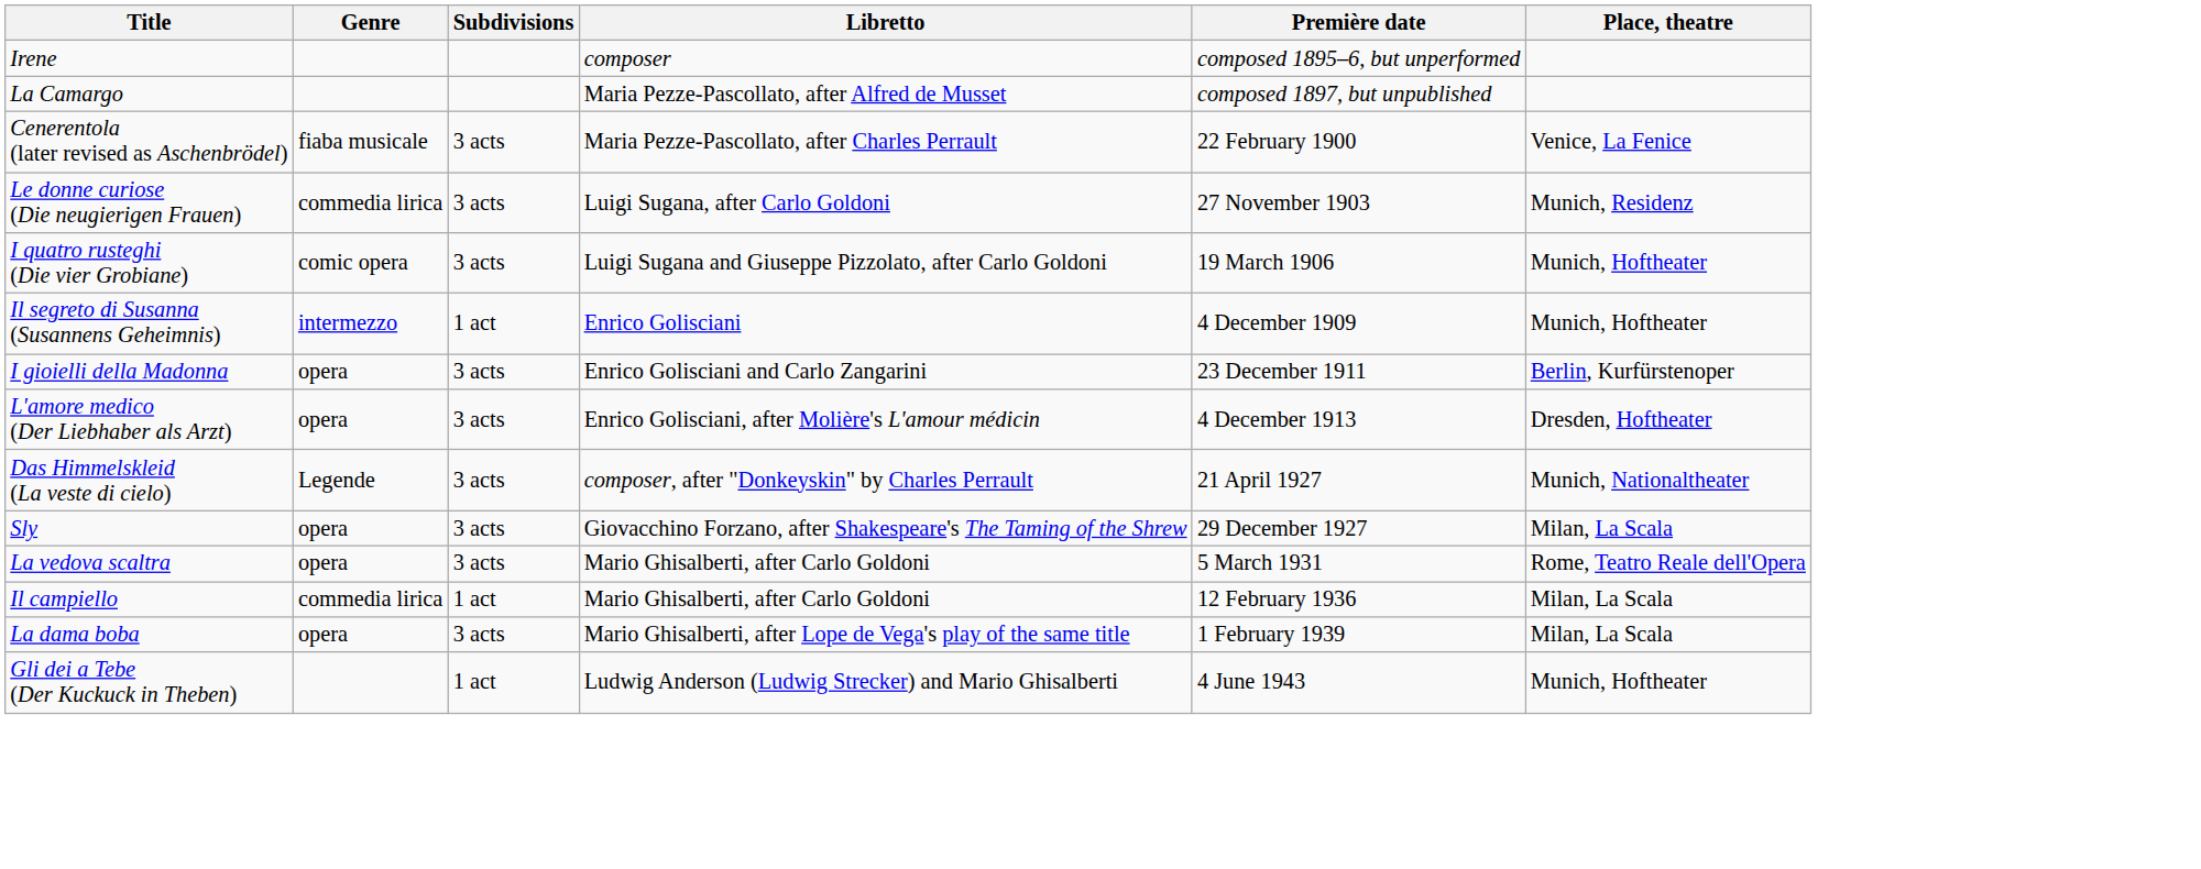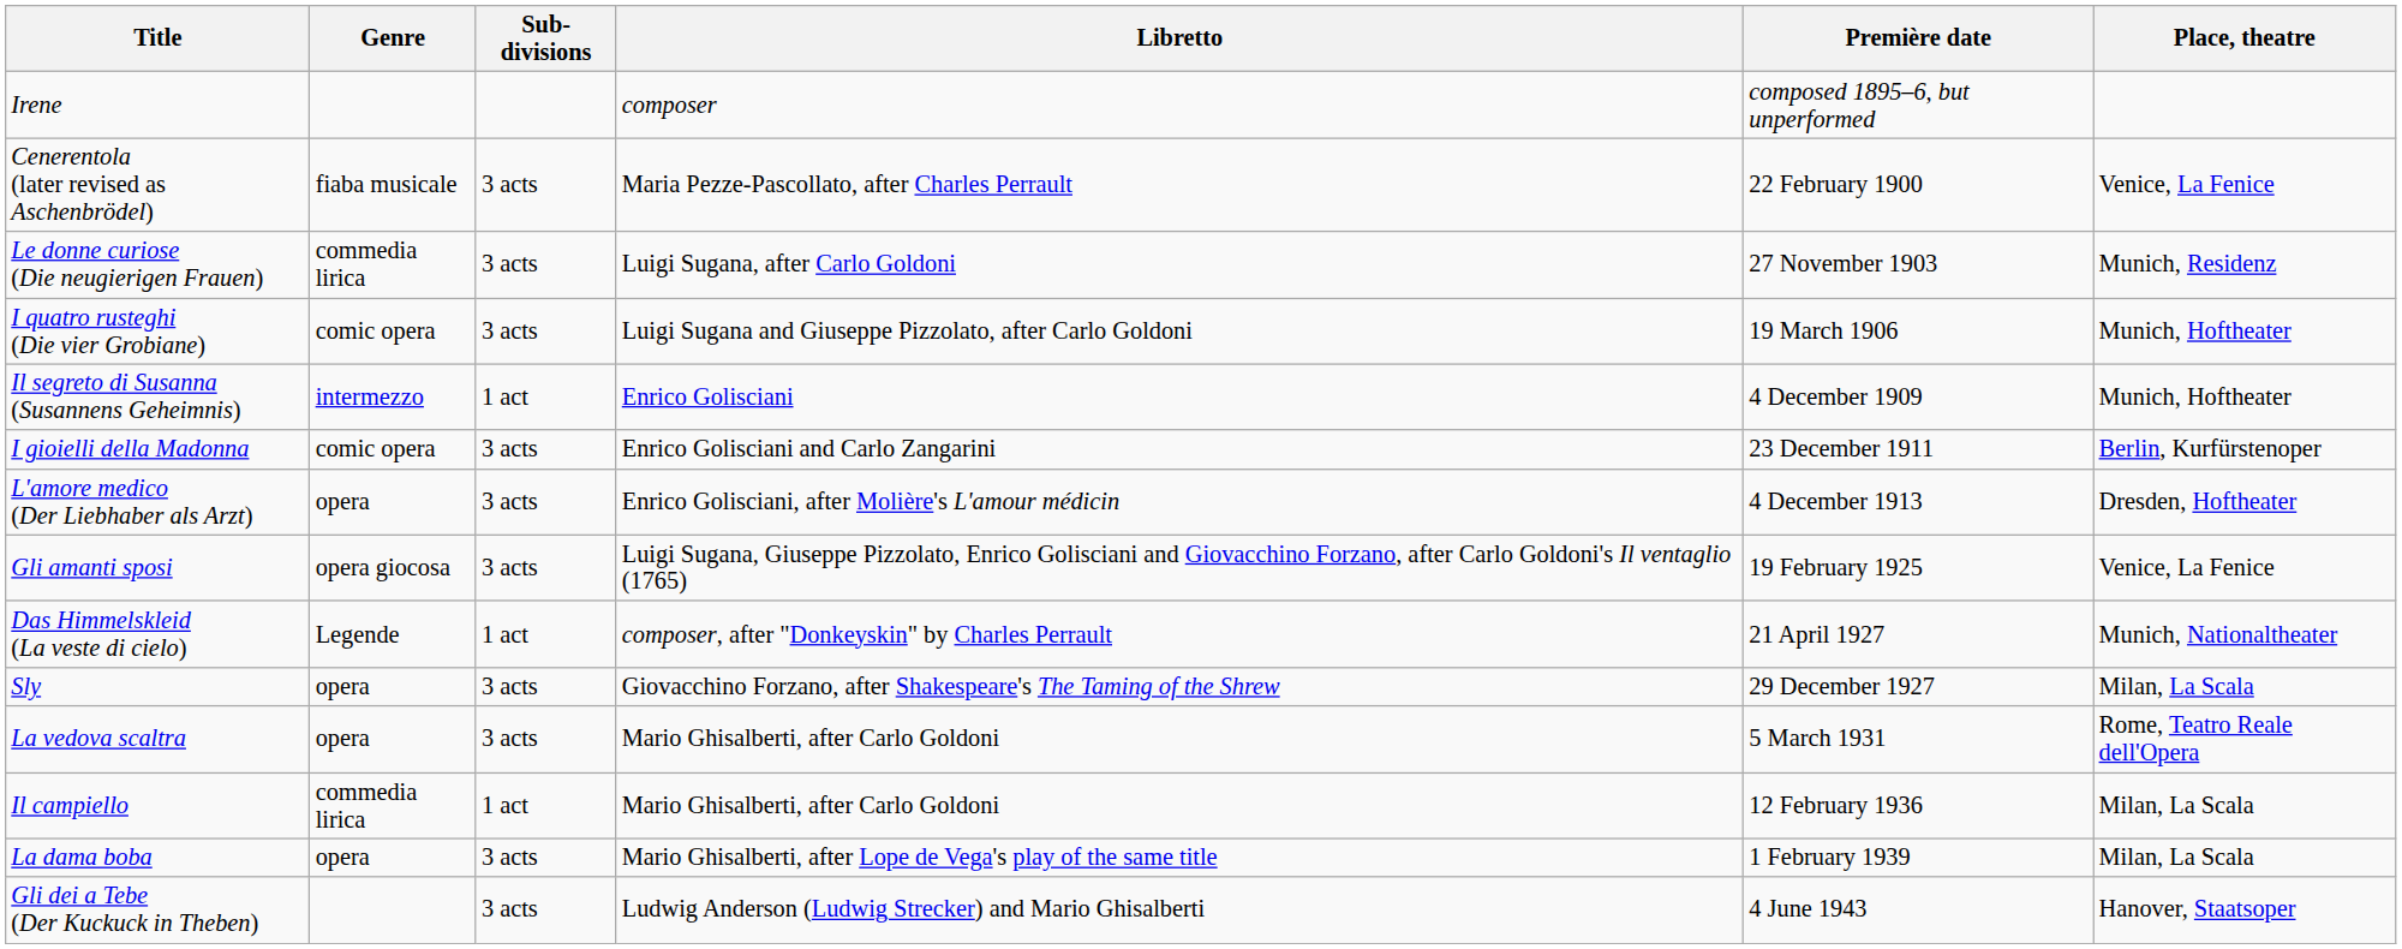 <table class="wikitable sortable">
 <tr>
 <th>Title</th>
 <th>Genre</th>
 <th>Sub­divisions</th>
 <th>Libretto</th>
 <th>Première date</th>
 <th>Place, theatre</th>
 </tr>
 <tr>
 <td><em>Irene</em></td>
 <td></td>
 <td></td>
 <td><em>composer</em></td>
 <td> <em>composed 1895–6, but unperformed</em></td>
-<td></td>
-</tr>
-<tr>
-<td> <em>La Camargo</em></td>
-<td></td>
-<td></td>
-<td> Maria Pezze-Pascollato, after <a href='#'>Alfred de Musset</a></td>
-<td> <em>composed 1897, but unpublished</em></td>
 <td></td>
 </tr>
 <tr>
 <td><em>Cenerentola</em><br>(later revised as <em>Aschenbrödel</em>)</td>
 <td>fiaba musicale</td>
 <td>3 acts</td>
 <td> Maria Pezze-Pascollato, after <a href='#'>Charles Perrault</a></td>
 <td> 22 February 1900</td>
 <td>Venice, <a href='#'>La Fenice</a></td>
 </tr>
 <tr>
 <td> <em><a href='#'>Le donne curiose</a></em><br>(<em>Die neugierigen Frauen</em>)</td>
 <td>commedia lirica</td>
 <td>3 acts</td>
 <td> Luigi Sugana, after <a href='#'>Carlo Goldoni</a></td>
 <td> 27 November 1903</td>
 <td>Munich, <a href='#'>Residenz</a></td>
 </tr>
 <tr>
 <td> <em><a href='#'>I quatro rusteghi</a></em><br>(<em>Die vier Grobiane</em>)</td>
 <td>comic opera</td>
 <td>3 acts</td>
 <td> Luigi Sugana and Giuseppe Pizzolato, after Carlo Goldoni</td>
 <td> 19 March 1906</td>
 <td>Munich, <a href='#'>Hoftheater</a></td>
 </tr>
 <tr>
 <td> <em><a href='#'>Il segreto di Susanna</a></em><br>(<em>Susannens Geheimnis</em>)</td>
 <td><a href='#'>intermezzo</a></td>
 <td>1 act</td>
 <td> <a href='#'>Enrico Golisciani</a></td>
 <td> 4 December 1909</td>
 <td>Munich, Hoftheater</td>
 </tr>
 <tr>
 <td> <em><a href='#'>I gioielli della Madonna</a></em><br></td>
-<td>opera</td>
+<td>comic opera</td>
 <td>3 acts</td>
 <td> Enrico Golisciani and Carlo Zangarini</td>
 <td> 23 December 1911</td>
 <td><a href='#'>Berlin</a>, Kurfürstenoper</td>
 </tr>
 <tr>
 <td> <em><a href='#'>L'amore medico</a></em><br>(<em>Der Liebhaber als Arzt</em>)</td>
 <td>opera</td>
 <td>3 acts</td>
 <td> Enrico Golisciani, after <a href='#'>Molière</a>'s <em>L'amour médicin</em></td>
 <td> 4 December 1913</td>
 <td>Dresden, <a href='#'>Hoftheater</a></td>
 </tr>
 <tr>
+<td> <em><a href='#'>Gli amanti sposi</a></em></td>
+<td>opera giocosa</td>
+<td>3 acts</td>
+<td> Luigi Sugana, Giuseppe Pizzolato, Enrico Golisciani and <a href='#'>Giovacchino Forzano</a>, after Carlo Goldoni's <em>Il ventaglio</em> (1765)</td>
+<td> 19 February 1925</td>
+<td>Venice, La Fenice</td>
+</tr>
+<tr>
 <td> <em><a href='#'>Das Himmelskleid</a></em><br>(<em>La veste di cielo</em>)</td>
 <td>Legende</td>
-<td>3 acts</td>
+<td>1 act</td>
 <td><em>composer</em>, after "<a href='#'>Donkeyskin</a>" by <a href='#'>Charles Perrault</a></td>
 <td> 21 April 1927</td>
 <td>Munich, <a href='#'>Nationaltheater</a></td>
 </tr>
 <tr>
 <td><em><a href='#'>Sly</a></em></td>
 <td>opera</td>
 <td>3 acts</td>
 <td> Giovacchino Forzano, after <a href='#'>Shakespeare</a>'s <em><a href='#'>The Taming of the Shrew</a></em></td>
 <td> 29 December 1927</td>
 <td>Milan, <a href='#'>La Scala</a></td>
 </tr>
 <tr>
 <td> <em><a href='#'>La vedova scaltra</a></em></td>
 <td>opera</td>
 <td>3 acts</td>
 <td>Mario Ghisalberti, after Carlo Goldoni</td>
 <td> 5 March 1931</td>
 <td>Rome, <a href='#'>Teatro Reale dell'Opera</a></td>
 </tr>
 <tr>
 <td> <em><a href='#'>Il campiello</a></em></td>
 <td>commedia lirica</td>
 <td>1 act</td>
 <td> Mario Ghisalberti, after Carlo Goldoni</td>
 <td> 12 February 1936</td>
 <td>Milan, La Scala</td>
 </tr>
 <tr>
 <td> <em><a href='#'>La dama boba</a></em></td>
 <td>opera</td>
 <td>3 acts</td>
 <td> Mario Ghisalberti, after <a href='#'>Lope de Vega</a>'s <a href='#'>play of the same title</a></td>
 <td> 1 February 1939</td>
 <td>Milan, La Scala</td>
 </tr>
 <tr>
 <td> <em><a href='#'>Gli dei a Tebe</a></em><br>(<em>Der Kuckuck in Theben</em>)</td>
 <td></td>
-<td>1 act</td>
+<td>3 acts</td>
 <td> Ludwig Anderson (<a href='#'>Ludwig Strecker</a>) and Mario Ghisalberti</td>
 <td> 4 June 1943</td>
-<td>Munich, Hoftheater</td>
+<td>Hanover, <a href='#'>Staatsoper</a></td>
 </tr>
 </table>
